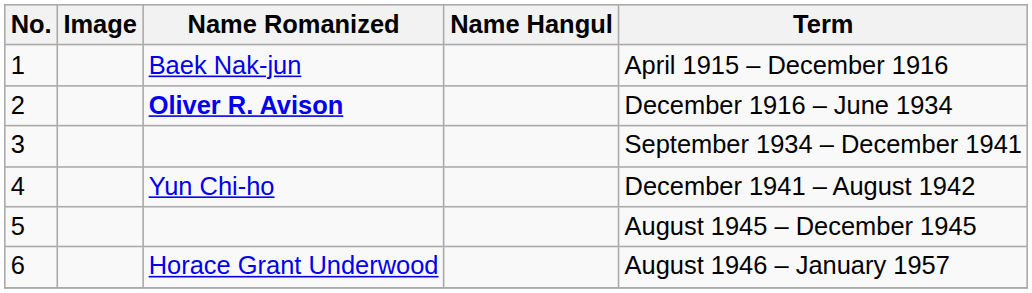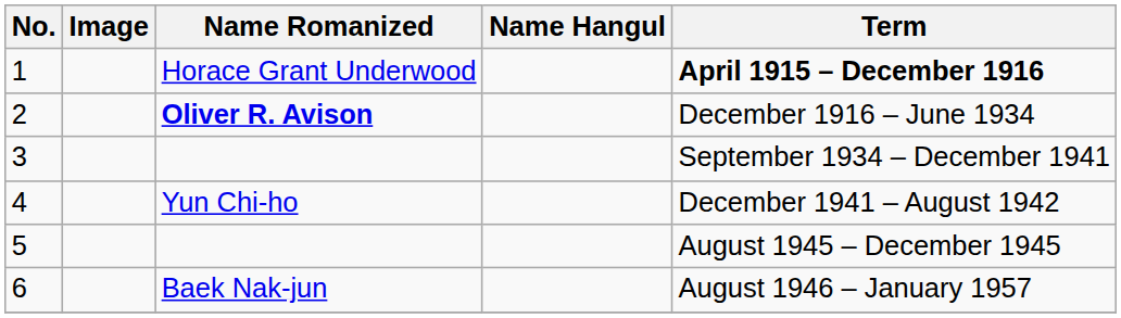 <table class="wikitable sortable">
 <tr>
 <th>No.</th>
 <th>Image</th>
 <th>Name Romanized</th>
 <th>Name Hangul</th>
 <th>Term</th>
 </tr>
 <tr>
 <td>1</td>
 <td></td>
-<td><a href='#'>Baek Nak-jun</a></td>
+<td><a href='#'>Horace Grant Underwood</a></td>
 <td></td>
-<td>April 1915 – December 1916</td>
+<td><strong>April 1915 – December 1916</strong></td>
 </tr>
 <tr>
 <td>2</td>
 <td></td>
 <td><strong><a href='#'>Oliver R. Avison</a></strong></td>
 <td></td>
 <td>December 1916 – June 1934</td>
 </tr>
 <tr>
 <td>3</td>
 <td></td>
 <td></td>
 <td></td>
 <td>September 1934 – December 1941</td>
 </tr>
 <tr>
 <td>4</td>
 <td></td>
 <td><a href='#'>Yun Chi-ho</a></td>
 <td></td>
 <td>December 1941 – August 1942</td>
 </tr>
 <tr>
 <td>5</td>
 <td></td>
 <td></td>
 <td></td>
 <td>August 1945 – December 1945</td>
 </tr>
 <tr>
 <td>6</td>
 <td></td>
-<td><a href='#'>Horace Grant Underwood</a></td>
+<td><a href='#'>Baek Nak-jun</a></td>
 <td></td>
 <td>August 1946 – January 1957</td>
 </tr>
 <tr>
 </tr>
 </table>
